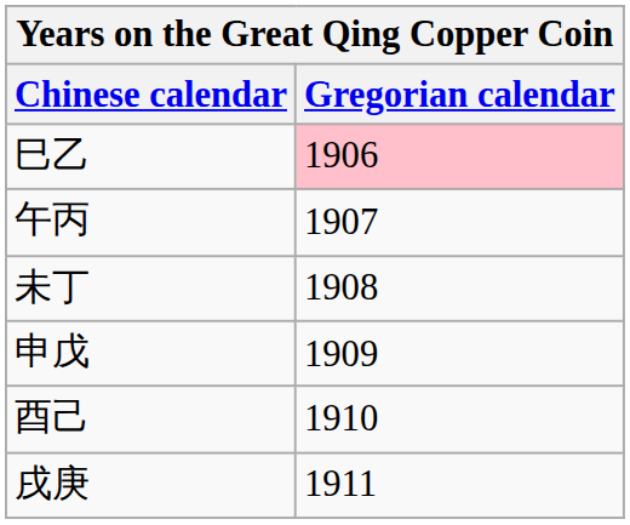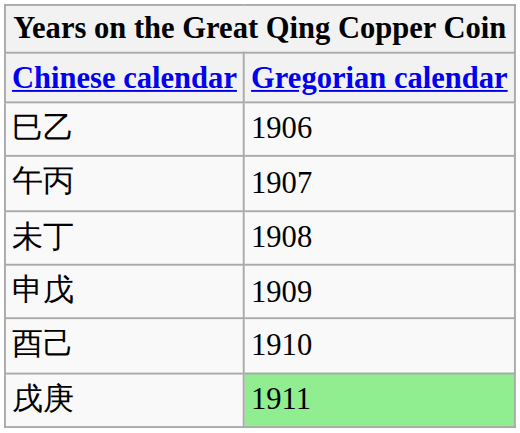 <table class="wikitable" style="font-size: 100%">
 <tr>
 <th colspan=2>Years on the Great Qing Copper Coin</th>
 </tr>
 <tr>
 <th><a href='#'>Chinese calendar</a></th>
 <th><a href='#'>Gregorian calendar</a></th>
 </tr>
 <tr>
 <td>巳乙</td>
-<td style="background: pink;">1906</td>
+<td>1906</td>
 </tr>
 <tr>
 <td>午丙</td>
 <td>1907</td>
 </tr>
 <tr>
 <td>未丁</td>
 <td>1908</td>
 </tr>
 <tr>
 <td>申戊</td>
 <td>1909</td>
 </tr>
 <tr>
 <td>酉己</td>
 <td>1910</td>
 </tr>
 <tr>
 <td>戌庚</td>
-<td>1911</td>
+<td style="background: lightgreen;">1911</td>
 </tr>
 </table>
